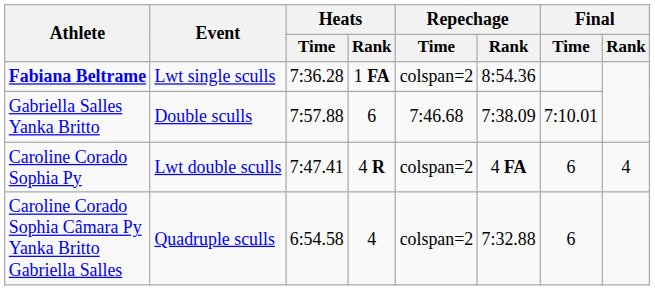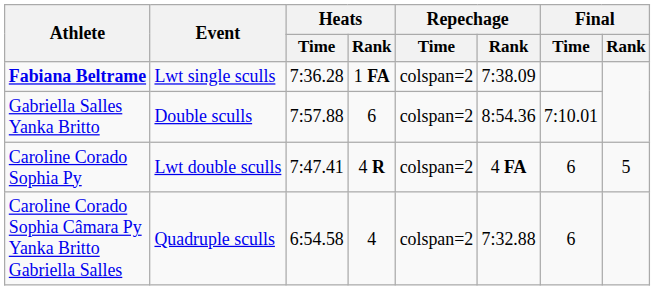 <table class="wikitable" style="font-size:90%">
 <tr>
 <th rowspan=2>Athlete</th>
 <th rowspan=2>Event</th>
 <th colspan="2">Heats</th>
 <th colspan="2">Repechage</th>
 <th colspan="2">Final</th>
 </tr>
 <tr style="font-size:95%">
 <th>Time</th>
 <th>Rank</th>
 <th>Time</th>
 <th>Rank</th>
 <th>Time</th>
 <th>Rank</th>
 </tr>
 <tr align=center>
 <td align=left><strong><a href='#'>Fabiana Beltrame</a></strong></td>
 <td align=left><a href='#'>Lwt single sculls</a></td>
 <td>7:36.28</td>
 <td>1 <strong>FA</strong></td>
 <td>colspan=2 </td>
-<td>8:54.36</td>
+<td>7:38.09</td>
 <td></td>
 </tr>
 <tr align=center>
 <td align=left><a href='#'>Gabriella Salles</a><br><a href='#'>Yanka Britto</a></td>
 <td align=left><a href='#'>Double sculls</a></td>
 <td>7:57.88</td>
 <td>6</td>
-<td>7:46.68</td>
-<td>7:38.09</td>
+<td>colspan=2 </td>
+<td>8:54.36</td>
 <td>7:10.01</td>
 </tr>
 <tr align=center>
 <td align=left><a href='#'>Caroline Corado</a><br><a href='#'>Sophia Py</a></td>
 <td align=left><a href='#'>Lwt double sculls</a></td>
 <td>7:47.41</td>
 <td>4 <strong>R</strong></td>
 <td>colspan=2 </td>
 <td>4 <strong>FA</strong></td>
 <td>6</td>
-<td>4</td>
+<td>5</td>
 </tr>
 <tr align=center>
 <td align=left><a href='#'>Caroline Corado</a><br><a href='#'>Sophia Câmara Py</a><br><a href='#'>Yanka Britto</a><br><a href='#'>Gabriella Salles</a></td>
 <td align=left><a href='#'>Quadruple sculls</a></td>
 <td>6:54.58</td>
 <td>4</td>
 <td>colspan=2 </td>
 <td>7:32.88</td>
 <td>6</td>
 </tr>
 </table>
